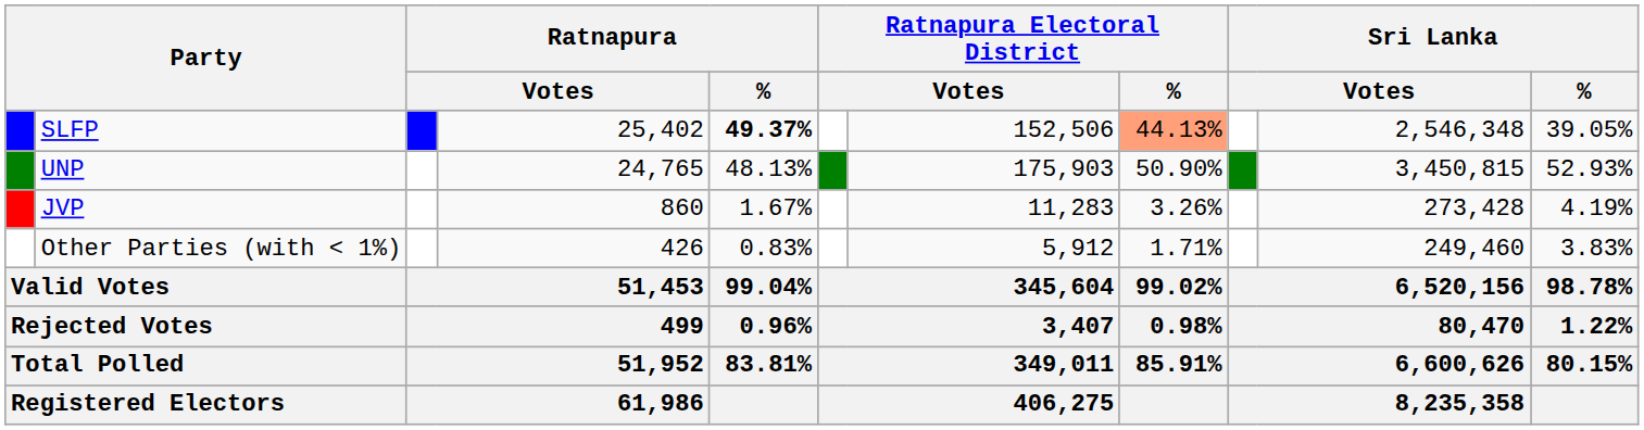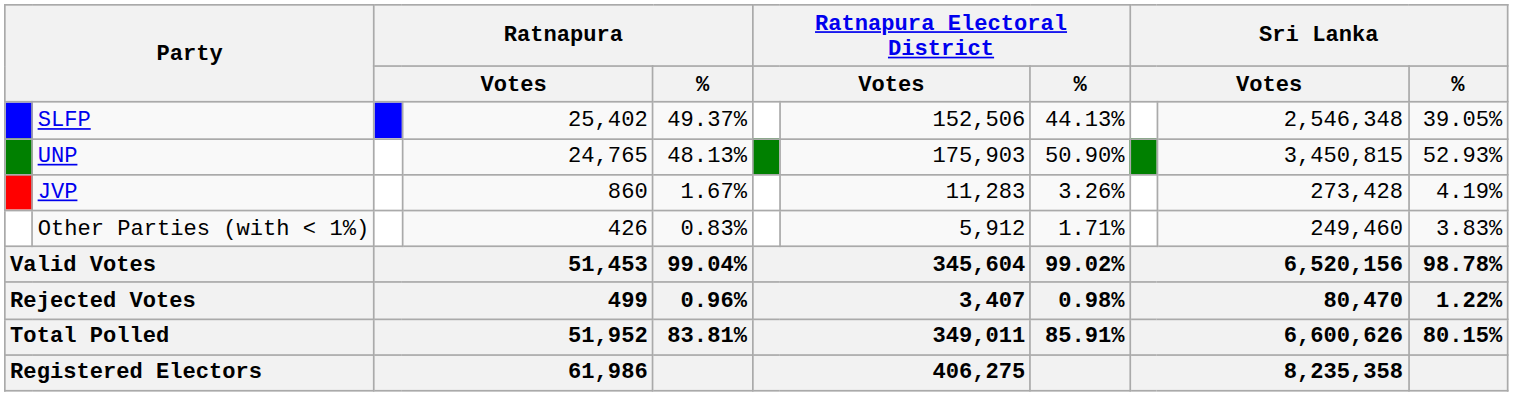 <table class="wikitable">
 <tr>
 <th colspan="2" width="144px"rowspan="2">Party</th>
 <th colspan="3" width="216px">Ratnapura</th>
 <th colspan="3" width="216px"><a href='#'>Ratnapura Electoral District</a></th>
 <th colspan="3" width="216px">Sri Lanka</th>
 </tr>
 <tr>
 <th colspan="2" width="144px">Votes</th>
 <th>%</th>
 <th colspan="2" width="144px">Votes</th>
 <th>%</th>
 <th colspan="2" width="144px">Votes</th>
 <th>%</th>
 </tr>
 <tr>
 <td style="background-color:blue;" width="10px"></td>
 <td style="text-align:left;"><a href='#'>SLFP</a></td>
 <td style="background-color:blue;" width="10px"></td>
 <td style="text-align:right;">25,402</td>
-<td style="text-align:right;"><strong>49.37%</strong></td>
+<td style="text-align:right;">49.37%</td>
 <td style="background-color:white;" width="10px"></td>
 <td style="text-align:right;">152,506</td>
-<td style="background: lightsalmon; text-align:right;">44.13%</td>
+<td style="text-align:right;">44.13%</td>
 <td style="background-color:white;" width="10px"></td>
 <td style="text-align:right;">2,546,348</td>
 <td style="text-align:right;">39.05%</td>
 </tr>
 <tr>
 <td style="background-color:green;" width="10px"></td>
 <td style="text-align:left;"><a href='#'>UNP</a></td>
 <td style="background-color:white;" width="10px"></td>
 <td style="text-align:right;">24,765</td>
 <td style="text-align:right;">48.13%</td>
 <td style="background-color:green;" width="10px"></td>
 <td style="text-align:right;">175,903</td>
 <td style="text-align:right;">50.90%</td>
 <td style="background-color:green;" width="10px"></td>
 <td style="text-align:right;">3,450,815</td>
 <td style="text-align:right;">52.93%</td>
 </tr>
 <tr>
 <td style="background-color:red;" width="10px"></td>
 <td style="text-align:left;"><a href='#'>JVP</a></td>
 <td style="background-color:white;" width="10px"></td>
 <td style="text-align:right;">860</td>
 <td style="text-align:right;">1.67%</td>
 <td style="background-color:white;" width="10px"></td>
 <td style="text-align:right;">11,283</td>
 <td style="text-align:right;">3.26%</td>
 <td style="background-color:white;" width="10px"></td>
 <td style="text-align:right;">273,428</td>
 <td style="text-align:right;">4.19%</td>
 </tr>
 <tr>
 <td style="background-color:white;" width="10px"></td>
 <td style="text-align:left;">Other Parties (with < 1%)</td>
 <td style="background-color:white;" width="10px"></td>
 <td style="text-align:right;">426</td>
 <td style="text-align:right;">0.83%</td>
 <td style="background-color:white;" width="10px"></td>
 <td style="text-align:right;">5,912</td>
 <td style="text-align:right;">1.71%</td>
 <td style="background-color:white;" width="10px"></td>
 <td style="text-align:right;">249,460</td>
 <td style="text-align:right;">3.83%</td>
 </tr>
 <tr>
 <th colspan="2" width="144px"style="text-align:left;">Valid Votes</th>
 <th style="text-align:right;"colspan="2" width="144px">51,453</th>
 <th style="text-align:right;">99.04%</th>
 <th style="text-align:right;"colspan="2" width="144px">345,604</th>
 <th style="text-align:right;">99.02%</th>
 <th style="text-align:right;"colspan="2" width="144px">6,520,156</th>
 <th style="text-align:right;">98.78%</th>
 </tr>
 <tr>
 <th colspan="2" width="144px"style="text-align:left;">Rejected Votes</th>
 <th style="text-align:right;"colspan="2" width="144px">499</th>
 <th style="text-align:right;">0.96%</th>
 <th style="text-align:right;"colspan="2" width="144px">3,407</th>
 <th style="text-align:right;">0.98%</th>
 <th style="text-align:right;"colspan="2" width="144px">80,470</th>
 <th style="text-align:right;">1.22%</th>
 </tr>
 <tr>
 <th colspan="2" width="144px"style="text-align:left;">Total Polled</th>
 <th style="text-align:right;"colspan="2" width="144px">51,952</th>
 <th style="text-align:right;">83.81%</th>
 <th style="text-align:right;"colspan="2" width="144px">349,011</th>
 <th style="text-align:right;">85.91%</th>
 <th style="text-align:right;"colspan="2" width="144px">6,600,626</th>
 <th style="text-align:right;">80.15%</th>
 </tr>
 <tr>
 <th colspan="2" width="144px"style="text-align:left;">Registered Electors</th>
 <th style="text-align:right;"colspan="2" width="144px">61,986</th>
 <th></th>
 <th style="text-align:right;"colspan="2" width="144px">406,275</th>
 <th></th>
 <th style="text-align:right;"colspan="2" width="144px">8,235,358</th>
 <th></th>
 </tr>
 </table>
